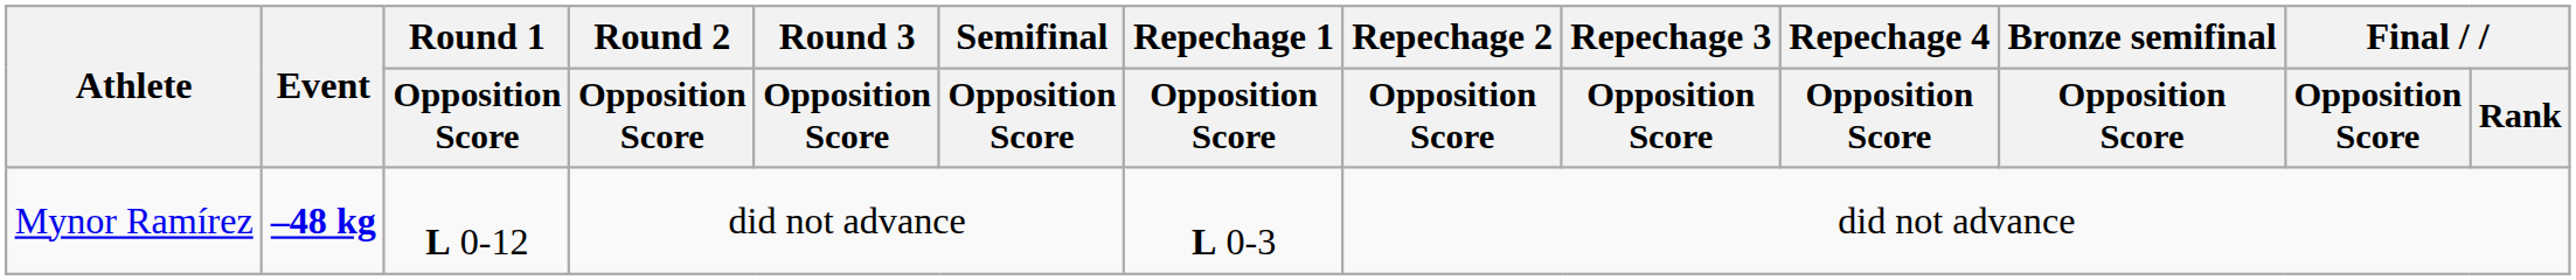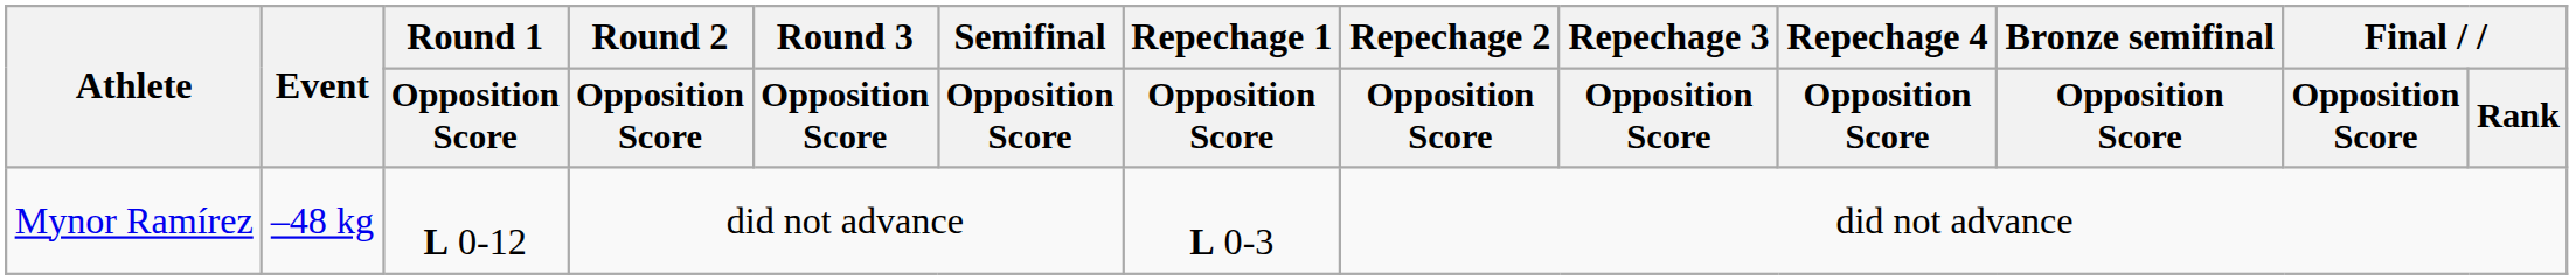 <table class=wikitable style=font-size:90%;text-align:center>
 <tr>
 <th rowspan=2>Athlete</th>
 <th rowspan=2>Event</th>
 <th>Round 1</th>
 <th>Round 2</th>
 <th>Round 3</th>
 <th>Semifinal</th>
 <th>Repechage 1</th>
 <th>Repechage 2</th>
 <th>Repechage 3</th>
 <th>Repechage 4</th>
 <th>Bronze semifinal</th>
 <th colspan=2>Final /  / </th>
 </tr>
 <tr style=font-size:95%>
 <th>Opposition<br>Score</th>
 <th>Opposition<br>Score</th>
 <th>Opposition<br>Score</th>
 <th>Opposition<br>Score</th>
 <th>Opposition<br>Score</th>
 <th>Opposition<br>Score</th>
 <th>Opposition<br>Score</th>
 <th>Opposition<br>Score</th>
 <th>Opposition<br>Score</th>
 <th>Opposition<br>Score</th>
 <th>Rank</th>
 </tr>
 <tr>
 <td align=left><a href='#'>Mynor Ramírez</a></td>
-<td align=left><strong><a href='#'>–48 kg</a></strong></td>
+<td align=left><a href='#'>–48 kg</a></td>
 <td><br><strong>L</strong> 0-12</td>
 <td colspan=3>did not advance</td>
 <td><br><strong>L</strong> 0-3</td>
 <td colspan=6>did not advance</td>
 </tr>
 </table>
